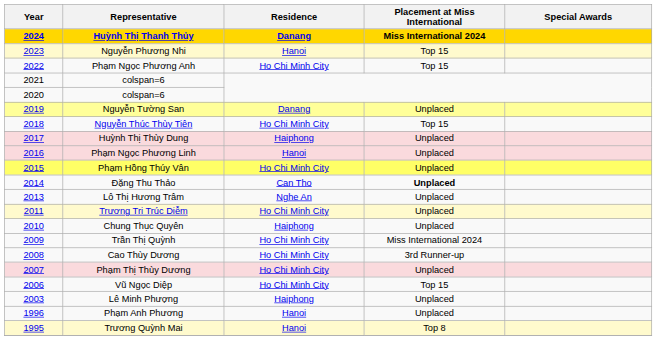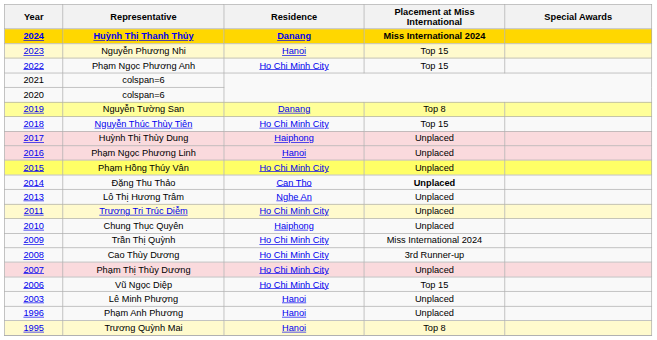 <table class="wikitable sortable" style="font-size: 85%; text-align:center">
 <tr>
 <th width="80">Year</th>
 <th width="230">Representative</th>
 <th width="200">Residence</th>
 <th width="200">Placement at Miss International</th>
 <th width="210">Special Awards</th>
 </tr>
 <tr style="background-color:gold; font-weight: bold">
 <td><a href='#'>2024</a></td>
 <td><a href='#'>Huỳnh Thị Thanh Thủy</a></td>
 <td><a href='#'>Danang</a></td>
 <td>Miss International 2024</td>
 <td></td>
 </tr>
 <tr style="background-color:#FFFACD;">
 <td><a href='#'>2023</a></td>
 <td>Nguyễn Phương Nhi</td>
 <td><a href='#'>Hanoi</a></td>
 <td>Top 15</td>
 <td style="background:;"></td>
 </tr>
 <tr>
 <td><a href='#'>2022</a></td>
 <td>Phạm Ngọc Phương Anh</td>
 <td><a href='#'>Ho Chi Minh City</a></td>
 <td>Top 15</td>
 <td></td>
 </tr>
 <tr>
 <td>2021</td>
 <td>colspan=6 </td>
 </tr>
 <tr>
 <td>2020</td>
 <td>colspan=6 </td>
 </tr>
 <tr style="background-color:#FFFF99;">
 <td><a href='#'>2019</a></td>
 <td>Nguyễn Tường San</td>
 <td><a href='#'>Danang</a></td>
-<td>Unplaced</td>
+<td>Top 8</td>
 <td style="background:;"></td>
 </tr>
 <tr>
 <td><a href='#'>2018</a></td>
 <td><a href='#'>Nguyễn Thúc Thùy Tiên</a></td>
 <td><a href='#'>Ho Chi Minh City</a></td>
 <td>Top 15</td>
 <td></td>
 </tr>
 <tr style="background-color:#FADADD;">
 <td><a href='#'>2017</a></td>
 <td>Huỳnh Thị Thùy Dung</td>
 <td><a href='#'>Haiphong</a></td>
 <td>Unplaced</td>
 <td style="background:;"></td>
 </tr>
 <tr style="background-color:#FADADD;">
 <td><a href='#'>2016</a></td>
 <td>Phạm Ngọc Phương Linh</td>
 <td><a href='#'>Hanoi</a></td>
 <td>Unplaced</td>
 <td style="background:;"></td>
 </tr>
 <tr style="background-color:#FFFF66;">
 <td><a href='#'>2015</a></td>
 <td>Phạm Hồng Thúy Vân</td>
 <td><a href='#'>Ho Chi Minh City</a></td>
 <td>Unplaced</td>
 <td></td>
 </tr>
 <tr>
 <td><a href='#'>2014</a></td>
 <td>Đặng Thu Thảo</td>
 <td><a href='#'>Can Tho</a></td>
 <td><strong>Unplaced</strong></td>
 <td></td>
 </tr>
 <tr>
 <td><a href='#'>2013</a></td>
 <td>Lô Thị Hương Trâm</td>
 <td><a href='#'>Nghe An</a></td>
 <td>Unplaced</td>
 <td></td>
 </tr>
 <tr style="background-color:#FFFACD;">
 <td><a href='#'>2011</a></td>
 <td><a href='#'>Trương Tri Trúc Diễm</a></td>
 <td><a href='#'>Ho Chi Minh City</a></td>
 <td>Unplaced</td>
 <td></td>
 </tr>
 <tr>
 <td><a href='#'>2010</a></td>
 <td>Chung Thục Quyên</td>
 <td><a href='#'>Haiphong</a></td>
 <td>Unplaced</td>
 <td></td>
 </tr>
 <tr>
 <td><a href='#'>2009</a></td>
 <td>Trần Thị Quỳnh</td>
 <td><a href='#'>Ho Chi Minh City</a></td>
 <td>Miss International 2024</td>
 <td></td>
 </tr>
 <tr>
 <td><a href='#'>2008</a></td>
 <td>Cao Thùy Dương</td>
 <td><a href='#'>Ho Chi Minh City</a></td>
 <td>3rd Runner-up</td>
 <td></td>
 </tr>
 <tr style="background-color:#FADADD;">
 <td><a href='#'>2007</a></td>
 <td>Phạm Thị Thùy Dương</td>
 <td><a href='#'>Ho Chi Minh City</a></td>
 <td>Unplaced</td>
 <td style="background:;"></td>
 </tr>
 <tr>
 <td><a href='#'>2006</a></td>
 <td>Vũ Ngọc Diệp</td>
 <td><a href='#'>Ho Chi Minh City</a></td>
 <td>Top 15</td>
 <td></td>
 </tr>
 <tr>
 <td><a href='#'>2003</a></td>
 <td>Lê Minh Phượng</td>
-<td><a href='#'>Haiphong</a></td>
+<td><a href='#'>Hanoi</a></td>
 <td>Unplaced</td>
 <td></td>
 </tr>
 <tr>
 <td><a href='#'>1996</a></td>
 <td>Phạm Anh Phương</td>
 <td><a href='#'>Hanoi</a></td>
 <td>Unplaced</td>
 <td></td>
 </tr>
 <tr style="background-color:#FFFACD;">
 <td><a href='#'>1995</a></td>
 <td>Trương Quỳnh Mai</td>
 <td><a href='#'>Hanoi</a></td>
 <td>Top 8</td>
 <td style="background:;"></td>
 </tr>
 <tr>
 </tr>
 </table>
